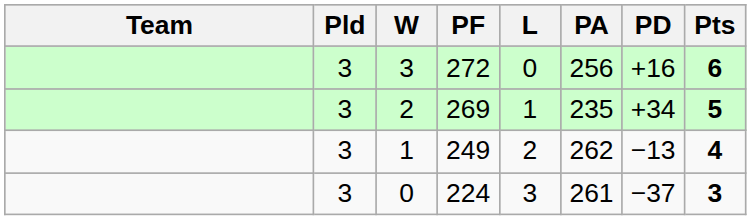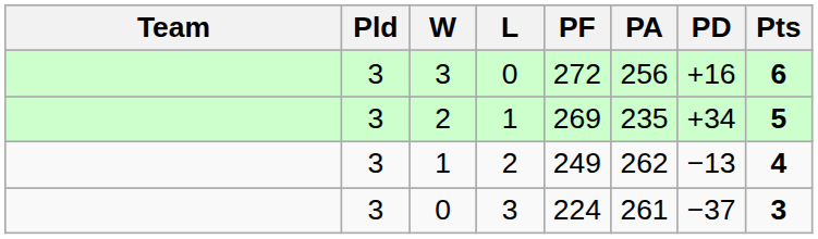 <table class=wikitable style="text-align:center">
 <tr>
 <th width=180>Team</th>
 <th width=30>Pld</th>
 <th width=30>W</th>
+<th width=30>L</th>
 <th width=30>PF</th>
-<th width=30>L</th>
 <th width=30>PA</th>
 <th width=30>PD</th>
 <th width=30>Pts</th>
 </tr>
 <tr align=center bgcolor="#ccffcc">
 <td align=left></td>
 <td>3</td>
 <td>3</td>
+<td>0</td>
 <td>272</td>
-<td>0</td>
 <td>256</td>
 <td>+16</td>
 <td><strong>6</strong></td>
 </tr>
 <tr align=center bgcolor="#ccffcc">
 <td align=left></td>
 <td>3</td>
 <td>2</td>
+<td>1</td>
 <td>269</td>
-<td>1</td>
 <td>235</td>
 <td>+34</td>
 <td><strong>5</strong></td>
 </tr>
 <tr align=center>
 <td align=left></td>
 <td>3</td>
 <td>1</td>
+<td>2</td>
 <td>249</td>
-<td>2</td>
 <td>262</td>
 <td>−13</td>
 <td><strong>4</strong></td>
 </tr>
 <tr align=center>
 <td align=left></td>
 <td>3</td>
 <td>0</td>
+<td>3</td>
 <td>224</td>
-<td>3</td>
 <td>261</td>
 <td>−37</td>
 <td><strong>3</strong></td>
 </tr>
 </table>
